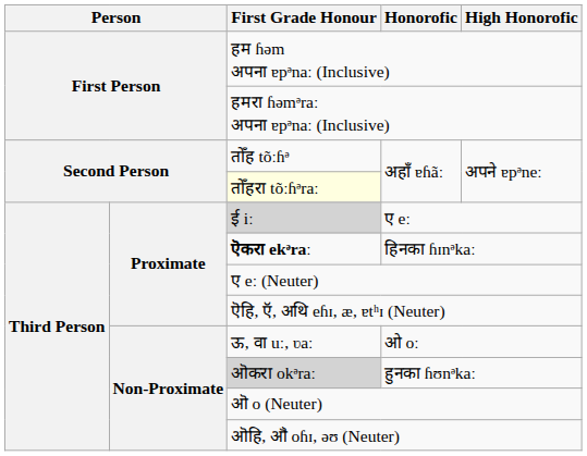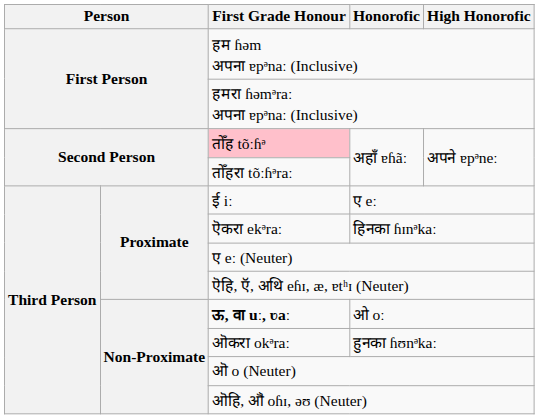 <table class="wikitable">
 <tr>
 <th colspan="2">Person</th>
 <th>First Grade Honour</th>
 <th>Honorofic</th>
 <th>High Honorofic</th>
 </tr>
 <tr>
 <th colspan="2" rowspan="2">First Person</th>
 <td colspan="3">हम ɦəm<br>अपना ɐpᵊnaː (Inclusive)</td>
 </tr>
 <tr>
 <td colspan="3">हमरा ɦəmᵊraː<br>अपना ɐpᵊnaː (Inclusive)</td>
 </tr>
 <tr>
 <th colspan="2" rowspan="2">Second Person</th>
-<td>तोँह tõːɦᵊ</td>
+<td style="background: pink;">तोँह tõːɦᵊ</td>
 <td rowspan="2">अहाँ ɐɦãː</td>
 <td rowspan="2">अपने ɐpᵊneː</td>
 </tr>
 <tr>
-<td style="background: lightyellow;">तोँहरा tõːɦᵊraː</td>
+<td>तोँहरा tõːɦᵊraː</td>
 </tr>
 <tr>
 <th rowspan="8">Third Person</th>
 <th rowspan="4">Proximate</th>
-<td style="background: lightgrey;">ई iː</td>
+<td>ई iː</td>
 <td colspan="2">ए eː</td>
 </tr>
 <tr>
-<td><strong>ऎकरा ekᵊraː</strong></td>
+<td>ऎकरा ekᵊraː</td>
 <td colspan="2">हिनका ɦɪnᵊkaː</td>
 </tr>
 <tr>
 <td colspan="3">ए eː (Neuter)</td>
 </tr>
 <tr>
 <td colspan="3">ऎहि, ऍ, अथि eɦɪ, æ, ɐtʰɪ (Neuter)</td>
 </tr>
 <tr>
 <th rowspan="4">Non-Proximate</th>
-<td>ऊ, वा uː, ʋaː</td>
+<td><strong>ऊ, वा uː, ʋaː</strong></td>
 <td colspan="2">ओ oː</td>
 </tr>
 <tr>
-<td style="background: lightgrey;">ऒकरा okᵊraː</td>
+<td>ऒकरा okᵊraː</td>
 <td colspan="2">हुनका ɦʊnᵊkaː</td>
 </tr>
 <tr>
 <td colspan="3">ऒ o (Neuter)</td>
 </tr>
 <tr>
 <td colspan="3">ऒहि, ॵ oɦɪ, əʊ (Neuter)</td>
 </tr>
 </table>
